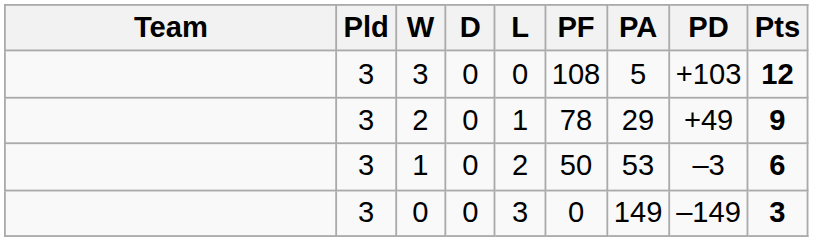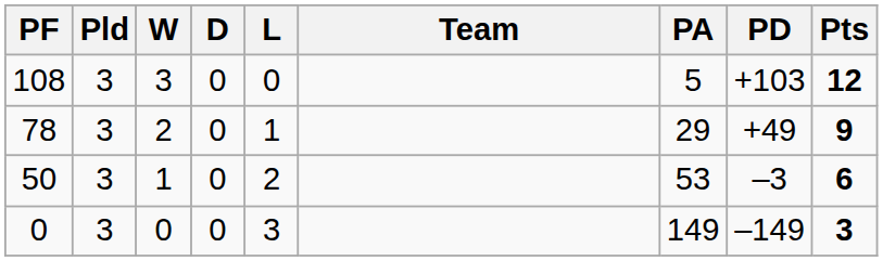 <table class="wikitable" style="text-align:center;">
 <tr>
-<th width=175>Team</th>
+<th width=20 abbr="Points for">PF</th>
 <th width=20 abbr="Played">Pld</th>
 <th width=20 abbr="Won">W</th>
 <th width=20 abbr="Drawn">D</th>
 <th width=20 abbr="Lost">L</th>
-<th width=20 abbr="Points for">PF</th>
+<th width=175>Team</th>
 <th width=20 abbr="Points against">PA</th>
 <th width=25 abbr="Points difference">PD</th>
 <th width=20 abbr="Points">Pts</th>
 </tr>
 <tr>
-<td align=left></td>
+<td>108</td>
 <td>3</td>
 <td>3</td>
 <td>0</td>
 <td>0</td>
-<td>108</td>
+<td align=left></td>
 <td>5</td>
 <td>+103</td>
 <td><strong>12</strong></td>
 </tr>
 <tr>
-<td align=left><strong></strong></td>
+<td>78</td>
 <td>3</td>
 <td>2</td>
 <td>0</td>
 <td>1</td>
-<td>78</td>
+<td align=left><strong></strong></td>
 <td>29</td>
 <td>+49</td>
 <td><strong>9</strong></td>
 </tr>
 <tr>
-<td align=left></td>
+<td>50</td>
 <td>3</td>
 <td>1</td>
 <td>0</td>
 <td>2</td>
-<td>50</td>
+<td align=left></td>
 <td>53</td>
 <td>–3</td>
 <td><strong>6</strong></td>
 </tr>
 <tr>
-<td align=left></td>
+<td>0</td>
 <td>3</td>
 <td>0</td>
 <td>0</td>
 <td>3</td>
-<td>0</td>
+<td align=left></td>
 <td>149</td>
 <td>–149</td>
 <td><strong>3</strong></td>
 </tr>
 </table>
